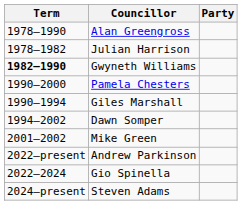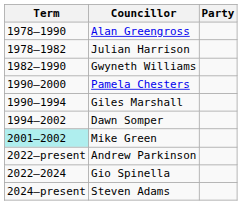 <table class="wikitable">
 <tr>
 <th>Term</th>
 <th>Councillor</th>
 <th colspan=2>Party</th>
 </tr>
 <tr>
 <td>1978–1990</td>
 <td><a href='#'>Alan Greengross</a></td>
 <td></td>
 </tr>
 <tr>
 <td>1978–1982</td>
 <td>Julian Harrison</td>
 <td></td>
 </tr>
 <tr>
-<td><strong>1982–1990</strong></td>
+<td>1982–1990</td>
 <td>Gwyneth Williams</td>
 <td></td>
 </tr>
 <tr>
 <td>1990–2000</td>
 <td><a href='#'>Pamela Chesters</a></td>
 <td></td>
 </tr>
 <tr>
 <td>1990–1994</td>
 <td>Giles Marshall</td>
 <td></td>
 </tr>
 <tr>
 <td>1994–2002</td>
 <td>Dawn Somper</td>
 <td></td>
 </tr>
 <tr>
-<td>2001–2002</td>
+<td style="background: paleturquoise;">2001–2002</td>
 <td>Mike Green</td>
 <td></td>
 </tr>
 <tr>
 <td>2022–present</td>
 <td>Andrew Parkinson</td>
 <td></td>
 </tr>
 <tr>
 <td>2022–2024</td>
 <td>Gio Spinella</td>
 <td></td>
 </tr>
 <tr>
 <td>2024–present</td>
 <td>Steven Adams</td>
 <td></td>
 </tr>
 </table>
